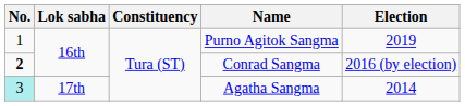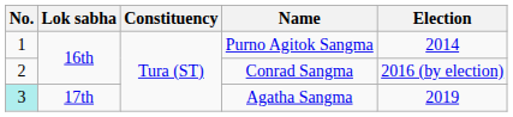 <table class="wikitable sortable" style="text-align:center">
 <tr>
 <th Style="background-color:">No.</th>
 <th Style="background-color:">Lok sabha</th>
 <th Style="background-color:">Constituency</th>
 <th Style="background-color:">Name</th>
 <th Style="background-color:">Election</th>
 </tr>
 <tr>
 <td>1</td>
 <td rowspan="2"><a href='#'>16th</a></td>
 <td rowspan="3"><a href='#'>Tura (ST)</a></td>
 <td><a href='#'>Purno Agitok Sangma</a></td>
-<td><a href='#'>2019</a></td>
+<td><a href='#'>2014</a></td>
 </tr>
 <tr>
-<td><strong>2</strong></td>
+<td>2</td>
 <td><a href='#'>Conrad Sangma</a></td>
 <td><a href='#'>2016 (by election)</a></td>
 </tr>
 <tr>
 <td style="background: paleturquoise;">3</td>
 <td><a href='#'>17th</a></td>
 <td><a href='#'>Agatha Sangma</a></td>
-<td><a href='#'>2014</a></td>
+<td><a href='#'>2019</a></td>
 </tr>
 </table>
